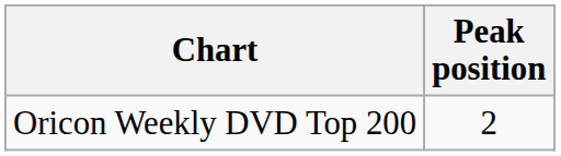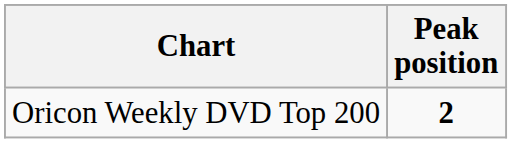 <table class="wikitable">
 <tr>
 <th>Chart</th>
 <th>Peak<br>position</th>
 </tr>
 <tr>
 <td>Oricon Weekly DVD Top 200</td>
-<td align="center">2</td>
+<td align="center"><strong>2</strong></td>
 </tr>
 </table>
